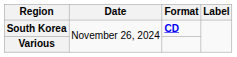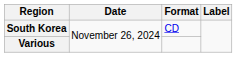 <table class="wikitable plainrowheaders">
 <tr>
 <th scope="col">Region</th>
 <th scope="col">Date</th>
 <th scope="col">Format</th>
 <th scope="col">Label</th>
 </tr>
 <tr>
 <th scope="row">South Korea</th>
 <td rowspan="2">November 26, 2024</td>
-<td><strong><a href='#'>CD</a></strong></td>
+<td><a href='#'>CD</a></td>
 <td rowspan="2"></td>
 </tr>
 <tr>
 <th scope="row">Various </th>
 <td></td>
 </tr>
 </table>
